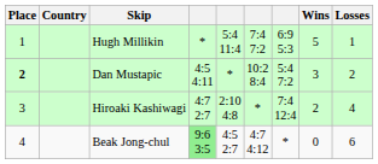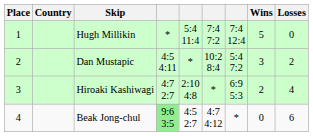 <table class="wikitable" style="text-align:center;">
 <tr>
 <th>Place</th>
 <th>Country</th>
 <th>Skip</th>
 <th width="25"></th>
 <th width="25"></th>
 <th width="25"></th>
 <th width="25"></th>
 <th>Wins</th>
 <th>Losses</th>
 </tr>
 <tr bgcolor=#ccffcc>
 <td>1</td>
 <td align=left></td>
 <td align=left>Hugh Millikin</td>
 <td>*</td>
 <td>5:4<br>11:4</td>
 <td>7:4<br> 7:2</td>
-<td>6:9<br> 5:3</td>
+<td>7:4<br>12:4</td>
 <td>5</td>
-<td>1</td>
+<td>0</td>
 </tr>
 <tr bgcolor=#ccffcc>
-<td><strong>2</strong></td>
+<td>2</td>
 <td align=left></td>
 <td align=left>Dan Mustapic</td>
 <td>4:5<br>4:11</td>
 <td>*</td>
 <td>10:2<br> 8:4</td>
 <td>5:4<br> 7:2</td>
 <td>3</td>
 <td>2</td>
 </tr>
 <tr bgcolor=#ccffcc>
 <td>3</td>
 <td align=left></td>
 <td align=left>Hiroaki Kashiwagi</td>
 <td>4:7<br> 2:7</td>
 <td>2:10<br> 4:8</td>
 <td>*</td>
-<td>7:4<br>12:4</td>
+<td>6:9<br> 5:3</td>
 <td>2</td>
 <td>4</td>
 </tr>
 <tr>
 <td>4</td>
 <td align=left></td>
 <td align=left>Beak Jong-chul</td>
 <td style="background: lightgreen;">9:6<br> 3:5</td>
 <td>4:5<br> 2:7</td>
 <td>4:7<br>4:12</td>
 <td>*</td>
 <td>0</td>
 <td>6</td>
 </tr>
 </table>
